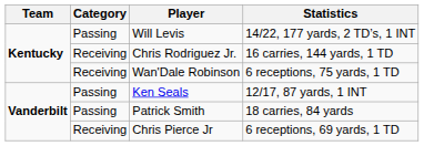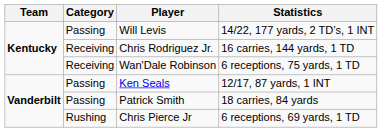 <table class="wikitable" style="float: right;">
 <tr>
 <th>Team</th>
 <th>Category</th>
 <th>Player</th>
 <th>Statistics</th>
 </tr>
 <tr>
 <td rowspan=3><strong>Kentucky</strong></td>
 <td>Passing</td>
 <td>Will Levis</td>
 <td>14/22, 177 yards, 2 TD’s, 1 INT</td>
 </tr>
 <tr>
 <td>Receiving</td>
 <td>Chris Rodriguez Jr.</td>
 <td>16 carries, 144 yards, 1 TD</td>
 </tr>
 <tr>
 <td>Receiving</td>
 <td>Wan'Dale Robinson</td>
 <td>6 receptions, 75 yards, 1 TD</td>
 </tr>
 <tr>
 <td rowspan=3><strong>Vanderbilt</strong></td>
 <td>Passing</td>
 <td><a href='#'>Ken Seals</a></td>
 <td>12/17, 87 yards, 1 INT</td>
 </tr>
 <tr>
 <td>Passing</td>
 <td>Patrick Smith</td>
 <td>18 carries, 84 yards</td>
 </tr>
 <tr>
-<td>Receiving</td>
+<td>Rushing</td>
 <td>Chris Pierce Jr</td>
 <td>6 receptions, 69 yards, 1 TD</td>
 </tr>
 </table>
